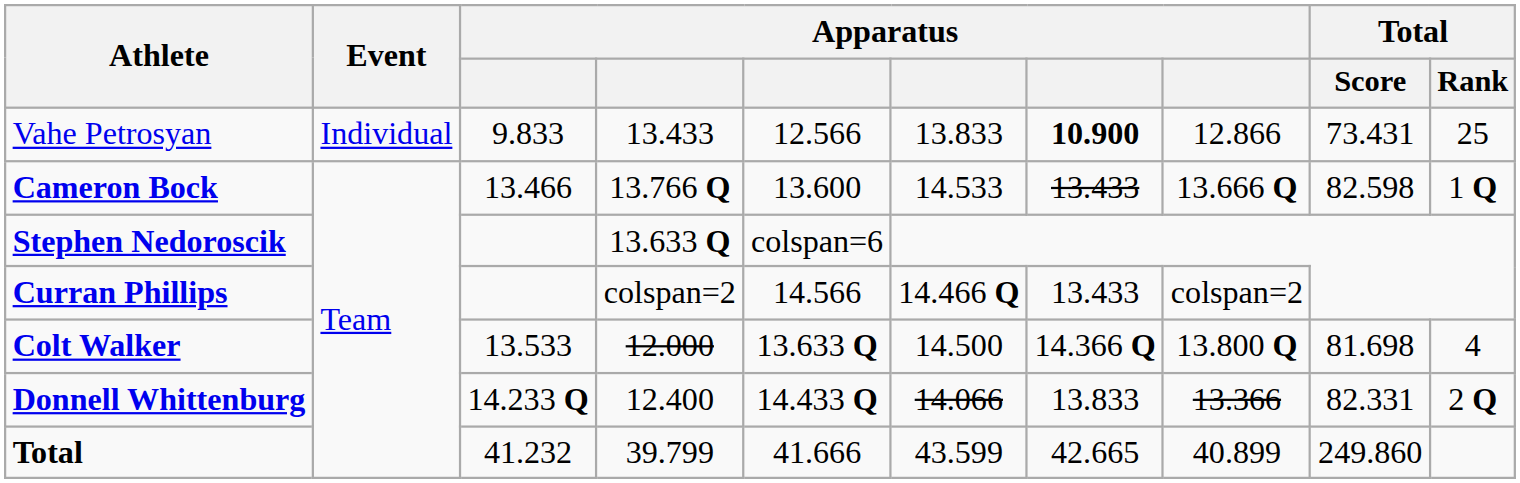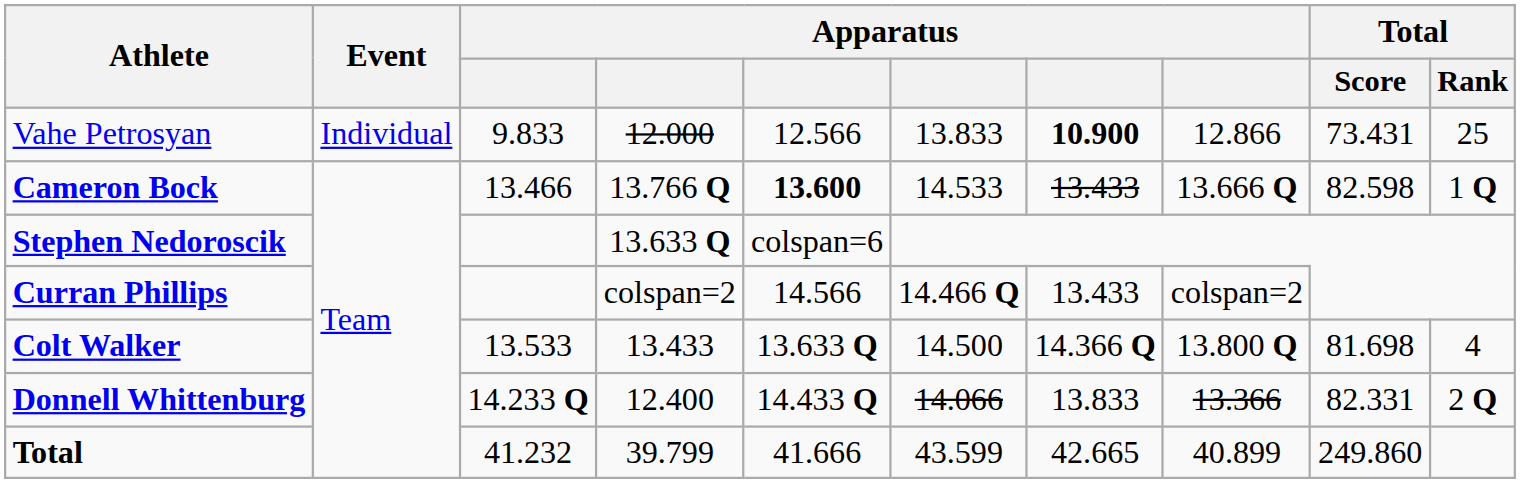 <table class=wikitable style=font-size:90%;text-align:center>
 <tr>
 <th rowspan=2>Athlete</th>
 <th rowspan=2>Event</th>
 <th colspan=6>Apparatus</th>
 <th colspan=2>Total</th>
 </tr>
 <tr style=font-size:95%>
 <th></th>
 <th></th>
 <th></th>
 <th></th>
 <th></th>
 <th></th>
 <th>Score</th>
 <th>Rank</th>
 </tr>
 <tr>
 <td align=left><a href='#'>Vahe Petrosyan</a></td>
 <td align=left><a href='#'>Individual</a></td>
 <td>9.833</td>
-<td>13.433</td>
+<td><s>12.000</s></td>
 <td>12.566</td>
 <td>13.833</td>
 <td><strong>10.900</strong></td>
 <td>12.866</td>
 <td>73.431</td>
 <td>25</td>
 </tr>
 <tr>
 <td align=left><strong><a href='#'>Cameron Bock</a></strong></td>
 <td align=left rowspan=6><a href='#'>Team</a></td>
 <td>13.466</td>
 <td>13.766 <strong>Q</strong></td>
-<td>13.600</td>
+<td><strong>13.600</strong></td>
 <td>14.533</td>
 <td><s>13.433</s></td>
 <td>13.666 <strong>Q</strong></td>
 <td>82.598</td>
 <td>1 <strong>Q</strong></td>
 </tr>
 <tr>
 <td align=left><strong><a href='#'>Stephen Nedoroscik</a></strong></td>
 <td></td>
 <td>13.633 <strong>Q</strong></td>
 <td>colspan=6 </td>
 </tr>
 <tr>
 <td align=left><strong><a href='#'>Curran Phillips</a></strong></td>
 <td><s></s></td>
 <td>colspan=2 </td>
 <td>14.566</td>
 <td>14.466 <strong>Q</strong></td>
 <td>13.433</td>
 <td>colspan=2 </td>
 </tr>
 <tr>
 <td align=left><strong><a href='#'>Colt Walker</a></strong></td>
 <td>13.533</td>
-<td><s>12.000</s></td>
+<td>13.433</td>
 <td>13.633 <strong>Q</strong></td>
 <td>14.500</td>
 <td>14.366 <strong>Q</strong></td>
 <td>13.800 <strong>Q</strong></td>
 <td>81.698</td>
 <td>4</td>
 </tr>
 <tr>
 <td align=left><strong><a href='#'>Donnell Whittenburg</a></strong></td>
 <td>14.233 <strong>Q</strong></td>
 <td>12.400</td>
 <td>14.433 <strong>Q</strong></td>
 <td><s>14.066</s></td>
 <td>13.833</td>
 <td><s>13.366</s></td>
 <td>82.331</td>
 <td>2 <strong>Q</strong></td>
 </tr>
 <tr>
 <td align=left><strong>Total</strong></td>
 <td>41.232</td>
 <td>39.799</td>
 <td>41.666</td>
 <td>43.599</td>
 <td>42.665</td>
 <td>40.899</td>
 <td>249.860</td>
 <td></td>
 </tr>
 </table>
